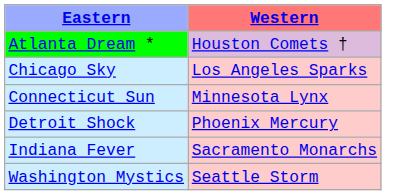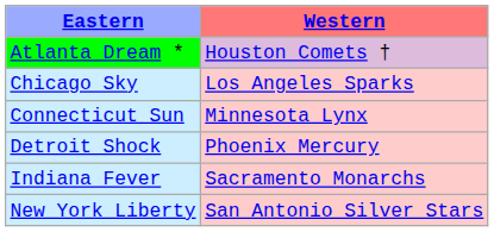 <table class="wikitable">
 <tr>
 <th style="background-color: #9AF;"><a href='#'>Eastern</a></th>
 <th style="background-color: #F77;"><a href='#'>Western</a></th>
 </tr>
 <tr>
 <td style="background-color: #0F0;"><a href='#'>Atlanta Dream</a> *</td>
 <td style="background-color: #DBD;"><a href='#'>Houston Comets</a> †</td>
 </tr>
 <tr>
 <td style="background-color: #CEF;"><a href='#'>Chicago Sky</a></td>
 <td style="background-color: #FCC;"><a href='#'>Los Angeles Sparks</a></td>
 </tr>
 <tr>
 <td style="background-color: #CEF;"><a href='#'>Connecticut Sun</a></td>
 <td style="background-color: #FCC;"><a href='#'>Minnesota Lynx</a></td>
 </tr>
 <tr>
 <td style="background-color: #CEF;"><a href='#'>Detroit Shock</a></td>
 <td style="background-color: #FCC;"><a href='#'>Phoenix Mercury</a></td>
 </tr>
 <tr>
 <td style="background-color: #CEF;"><a href='#'>Indiana Fever</a></td>
 <td style="background-color: #FCC;"><a href='#'>Sacramento Monarchs</a></td>
 </tr>
 <tr>
-<td style="background-color: #CEF;"><a href='#'>Washington Mystics</a></td>
-<td style="background-color: #FCC;"><a href='#'>Seattle Storm</a></td>
+<td style="background-color: #CEF;"><a href='#'>New York Liberty</a></td>
+<td style="background-color: #FCC;"><a href='#'>San Antonio Silver Stars</a></td>
 </tr>
 </table>
